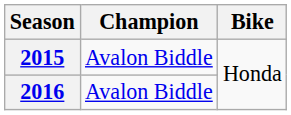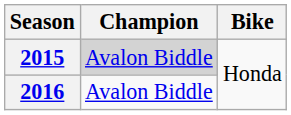 <table class="wikitable">
 <tr>
 <th>Season</th>
 <th>Champion</th>
 <th>Bike</th>
 </tr>
 <tr>
 <th><a href='#'>2015</a></th>
-<td> <a href='#'>Avalon Biddle</a></td>
+<td style="background: lightgrey;"> <a href='#'>Avalon Biddle</a></td>
 <td rowspan=2>Honda</td>
 </tr>
 <tr>
 <th><a href='#'>2016</a></th>
 <td> <a href='#'>Avalon Biddle</a></td>
 </tr>
 </table>
